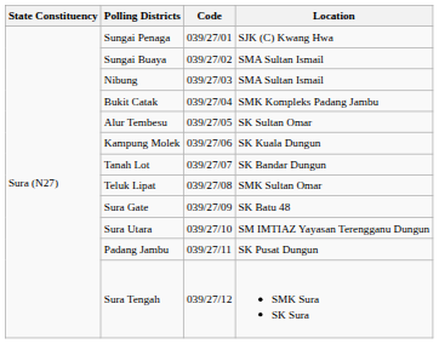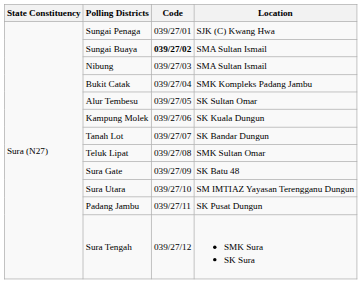 <table class="wikitable sortable mw-collapsible">
 <tr>
 <th><small>State Constituency</small></th>
 <th><small>Polling Districts</small></th>
 <th><small>Code</small></th>
 <th><small>Location</small></th>
 </tr>
 <tr>
 <td rowspan="12"><small>Sura (N27)</small></td>
 <td><small>Sungai Penaga</small></td>
 <td><small>039/27/01</small></td>
 <td><small>SJK (C) Kwang Hwa</small></td>
 </tr>
 <tr>
 <td><small>Sungai Buaya</small></td>
-<td><small>039/27/02</small></td>
+<td><strong><small>039/27/02</small></strong></td>
 <td><small>SMA Sultan Ismail</small></td>
 </tr>
 <tr>
 <td><small>Nibung</small></td>
 <td><small>039/27/03</small></td>
 <td><small>SMA Sultan Ismail</small></td>
 </tr>
 <tr>
 <td><small>Bukit Catak</small></td>
 <td><small>039/27/04</small></td>
 <td><small>SMK Kompleks Padang Jambu</small></td>
 </tr>
 <tr>
 <td><small>Alur Tembesu</small></td>
 <td><small>039/27/05</small></td>
 <td><small>SK Sultan Omar</small></td>
 </tr>
 <tr>
 <td><small>Kampung Molek</small></td>
 <td><small>039/27/06</small></td>
 <td><small>SK Kuala Dungun</small></td>
 </tr>
 <tr>
 <td><small>Tanah Lot</small></td>
 <td><small>039/27/07</small></td>
 <td><small>SK Bandar Dungun</small></td>
 </tr>
 <tr>
 <td><small>Teluk Lipat</small></td>
 <td><small>039/27/08</small></td>
 <td><small>SMK Sultan Omar</small></td>
 </tr>
 <tr>
 <td><small>Sura Gate</small></td>
 <td><small>039/27/09</small></td>
 <td><small>SK Batu 48</small></td>
 </tr>
 <tr>
 <td><small>Sura Utara</small></td>
 <td><small>039/27/10</small></td>
 <td><small>SM IMTIAZ Yayasan Terengganu Dungun</small></td>
 </tr>
 <tr>
 <td><small>Padang Jambu</small></td>
 <td><small>039/27/11</small></td>
 <td><small>SK Pusat Dungun</small></td>
 </tr>
 <tr>
 <td><small>Sura Tengah</small></td>
 <td><small>039/27/12</small></td>
 <td><br><ul><li><small>SMK Sura</small></li><li><small>SK Sura</small></li></ul></td>
 </tr>
 </table>
